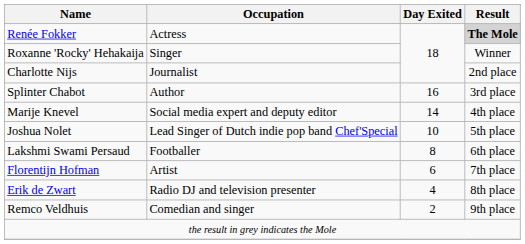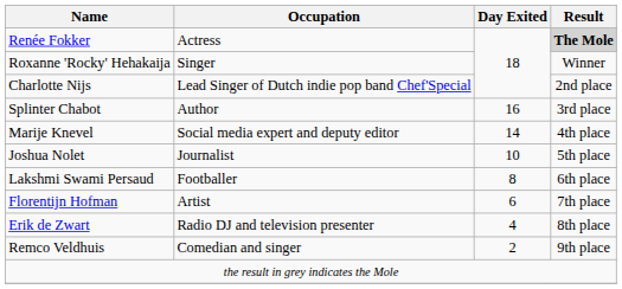 <table class="wikitable sortable" style="text-align:center;">
 <tr>
 <th>Name</th>
 <th>Occupation</th>
 <th>Day Exited</th>
 <th>Result</th>
 </tr>
 <tr>
 <td style="text-align:left"><a href='#'>Renée Fokker</a></td>
 <td style="text-align:left">Actress</td>
 <td rowspan="3" style="text-align:center">18</td>
 <td style=background:lightgray;><strong>The Mole</strong></td>
 </tr>
 <tr>
 <td style="text-align:left">Roxanne 'Rocky' Hehakaija</td>
 <td style="text-align:left">Singer</td>
 <td>Winner</td>
 </tr>
 <tr>
 <td style="text-align:left">Charlotte Nijs</td>
-<td style="text-align:left">Journalist</td>
+<td style="text-align:left">Lead Singer of Dutch indie pop band <a href='#'>Chef'Special</a></td>
 <td>2nd place</td>
 </tr>
 <tr>
 <td style="text-align:left">Splinter Chabot</td>
 <td style="text-align:left">Author</td>
 <td style="text-align:center">16</td>
 <td>3rd place</td>
 </tr>
 <tr>
 <td style="text-align:left">Marije Knevel</td>
 <td style="text-align:left">Social media expert and deputy editor</td>
 <td style="text-align:center">14</td>
 <td>4th place</td>
 </tr>
 <tr>
 <td style="text-align:left">Joshua Nolet</td>
-<td style="text-align:left">Lead Singer of Dutch indie pop band <a href='#'>Chef'Special</a></td>
+<td style="text-align:left">Journalist</td>
 <td style="text-align:center">10</td>
 <td>5th place</td>
 </tr>
 <tr>
 <td style="text-align:left">Lakshmi Swami Persaud</td>
 <td style="text-align:left">Footballer</td>
 <td style="text-align:center">8</td>
 <td>6th place</td>
 </tr>
 <tr>
 <td style="text-align:left"><a href='#'>Florentijn Hofman</a></td>
 <td style="text-align:left">Artist</td>
 <td style="text-align:center">6</td>
 <td>7th place</td>
 </tr>
 <tr>
 <td style="text-align:left"><a href='#'>Erik de Zwart</a></td>
 <td style="text-align:left">Radio DJ and television presenter</td>
 <td style="text-align:center">4</td>
 <td>8th place</td>
 </tr>
 <tr>
 <td style="text-align:left">Remco Veldhuis</td>
 <td style="text-align:left">Comedian and singer</td>
 <td style="text-align:center">2</td>
 <td>9th place</td>
 </tr>
 <tr>
 <td colspan="4" ; style="text-align:center"><small><em>the result in grey indicates the Mole</em></small></td>
 </tr>
 <tr>
 </tr>
 </table>
